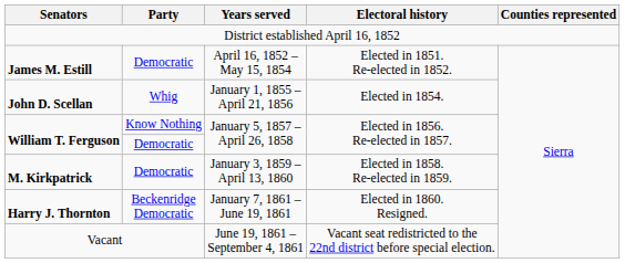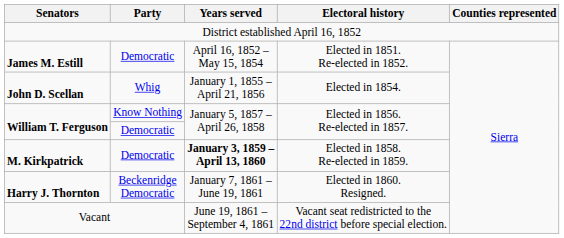 <table class=wikitable style="text-align:center">
 <tr>
 <th>Senators</th>
 <th>Party</th>
 <th>Years served</th>
 <th>Electoral history</th>
 <th>Counties represented</th>
 </tr>
 <tr>
 <td colspan=5>District established April 16, 1852</td>
 </tr>
 <tr>
 <td align=left><br><strong>James M. Estill</strong></td>
 <td><a href='#'>Democratic</a></td>
 <td>April 16, 1852 – <br> May 15, 1854</td>
 <td>Elected in 1851. <br> Re-elected in 1852. <br> </td>
 <td rowspan=7><a href='#'>Sierra</a></td>
 </tr>
 <tr>
 <td align=left><br><strong>John D. Scellan</strong></td>
 <td><a href='#'>Whig</a></td>
 <td>January 1, 1855 – <br> April 21, 1856</td>
 <td>Elected in 1854. <br> </td>
 </tr>
 <tr>
 <td rowspan=2 align=left><br><strong>William T. Ferguson</strong></td>
 <td><a href='#'>Know Nothing</a></td>
 <td rowspan=2>January 5, 1857 – <br> April 26, 1858</td>
 <td rowspan=2>Elected in 1856. <br> Re-elected in 1857. <br> </td>
 </tr>
 <tr>
 <td><a href='#'>Democratic</a></td>
 </tr>
 <tr>
 <td align=left><br><strong>M. Kirkpatrick</strong></td>
 <td><a href='#'>Democratic</a></td>
-<td>January 3, 1859 – <br> April 13, 1860</td>
+<td><strong>January 3, 1859 – <br> April 13, 1860</strong></td>
 <td>Elected in 1858. <br> Re-elected in 1859. <br> </td>
 </tr>
 <tr>
 <td align=left><br><strong>Harry J. Thornton</strong></td>
 <td><a href='#'>Beckenridge <br>Democratic</a></td>
 <td>January 7, 1861 – <br> June 19, 1861</td>
 <td>Elected in 1860. <br> Resigned.</td>
 </tr>
 <tr>
 <td colspan="2">Vacant</td>
 <td>June 19, 1861 – <br> September 4, 1861</td>
 <td>Vacant seat redistricted to the <br> <a href='#'>22nd district</a> before special election.</td>
 </tr>
 </table>
